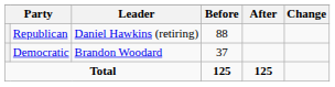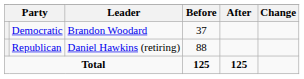 <table class="wikitable" style="text-align:center;">
 <tr>
 </tr>
 <tr>
 <th colspan="2">Party</th>
 <th>Leader</th>
 <th style="width:3em">Before</th>
 <th style="width:3em">After</th>
 <th style="width:3em">Change</th>
 </tr>
 <tr>
 <th style="background-color:"></th>
-<td style="text-align:left;"><a href='#'>Republican</a></td>
-<td style="text-align:left;"><a href='#'>Daniel Hawkins</a> (retiring)</td>
-<td>88</td>
+<td style="text-align:left;"><a href='#'>Democratic</a></td>
+<td style="text-align:left;"><a href='#'>Brandon Woodard</a></td>
+<td>37</td>
 <td></td>
 <td></td>
 </tr>
 <tr>
 <th style="background-color:"></th>
-<td style="text-align:left;"><a href='#'>Democratic</a></td>
-<td style="text-align:left;"><a href='#'>Brandon Woodard</a></td>
-<td>37</td>
+<td style="text-align:left;"><a href='#'>Republican</a></td>
+<td style="text-align:left;"><a href='#'>Daniel Hawkins</a> (retiring)</td>
+<td>88</td>
 <td></td>
 <td></td>
 </tr>
 <tr>
 <td colspan="3"><strong>Total</strong></td>
 <td><strong>125</strong></td>
 <td><strong>125</strong></td>
 <td></td>
 </tr>
 </table>
